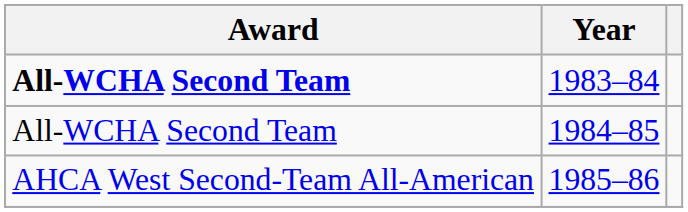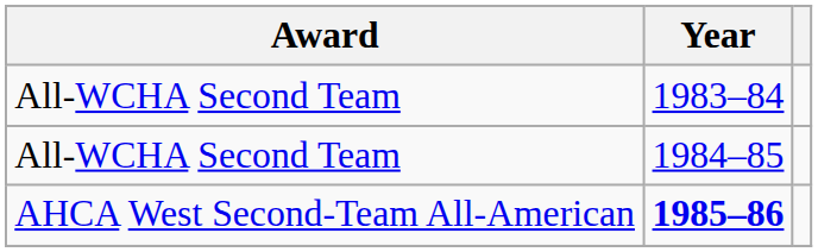 <table class="wikitable">
 <tr>
 <th>Award</th>
 <th>Year</th>
 <th></th>
 </tr>
 <tr>
-<td><strong>All-<a href='#'>WCHA</a> <a href='#'>Second Team</a></strong></td>
+<td>All-<a href='#'>WCHA</a> <a href='#'>Second Team</a></td>
 <td><a href='#'>1983–84</a></td>
 <td></td>
 </tr>
 <tr>
 <td>All-<a href='#'>WCHA</a> <a href='#'>Second Team</a></td>
 <td><a href='#'>1984–85</a></td>
 <td></td>
 </tr>
 <tr>
 <td><a href='#'>AHCA</a> <a href='#'>West Second-Team All-American</a></td>
-<td><a href='#'>1985–86</a></td>
+<td><strong><a href='#'>1985–86</a></strong></td>
 <td></td>
 </tr>
 <tr>
 </tr>
 </table>
